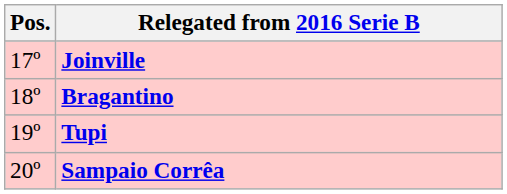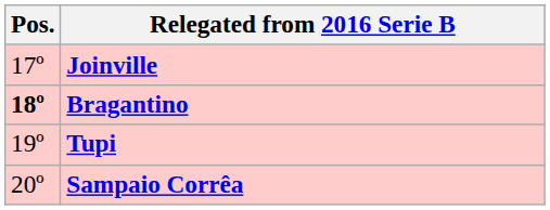 <table class="wikitable">
 <tr>
 <th align="center">Pos.</th>
 <th width="300">Relegated from <a href='#'>2016 Serie B</a></th>
 </tr>
 <tr style="background: #FCC;">
 <td>17º</td>
 <td><strong><a href='#'>Joinville</a></strong></td>
 </tr>
 <tr style="background: #FCC;">
-<td>18º</td>
+<td><strong>18º</strong></td>
 <td><strong><a href='#'>Bragantino</a></strong></td>
 </tr>
 <tr style="background: #FCC;">
 <td>19º</td>
 <td><strong><a href='#'>Tupi</a></strong></td>
 </tr>
 <tr style="background: #FCC;">
 <td>20º</td>
 <td><strong><a href='#'>Sampaio Corrêa</a></strong></td>
 </tr>
 </table>
